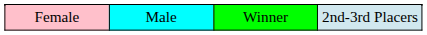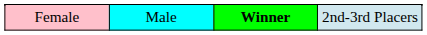 <table border="2" cellpadding="4" style="margin:1em auto; background:white; border:1px solid black; border-collapse:collapse; text-align:center">
 <tr>
 </tr>
 <tr>
 </tr>
 <tr>
 <td style="background:pink;" width="25%">Female</td>
 <td style="background:cyan;" width="25%">Male</td>
-<td style="background:lime;" width="25%">Winner</td>
+<td style="background:lime;" width="25%"><strong>Winner</strong></td>
 <td style="background:#D1E8EF;" width="25%">2nd-3rd Placers</td>
 </tr>
 </table>
